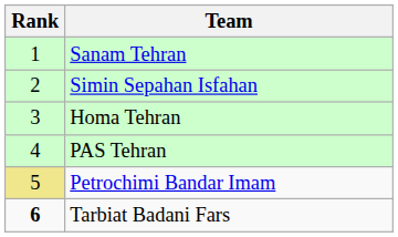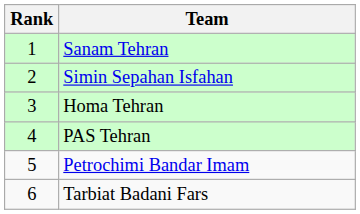 <table class="wikitable" style="text-align: center;">
 <tr>
 <th width=40>Rank</th>
 <th width=250>Team</th>
 </tr>
 <tr bgcolor=ccffcc>
 <td>1</td>
 <td align="left"><a href='#'>Sanam Tehran</a></td>
 </tr>
 <tr bgcolor=ccffcc>
 <td>2</td>
 <td align="left"><a href='#'>Simin Sepahan Isfahan</a></td>
 </tr>
 <tr bgcolor=ccffcc>
 <td>3</td>
 <td align="left">Homa Tehran</td>
 </tr>
 <tr bgcolor=ccffcc>
 <td>4</td>
 <td align="left">PAS Tehran</td>
 </tr>
 <tr>
-<td style="background: khaki;">5</td>
+<td>5</td>
 <td align="left"><a href='#'>Petrochimi Bandar Imam</a></td>
 </tr>
 <tr>
-<td><strong>6</strong></td>
+<td>6</td>
 <td align="left">Tarbiat Badani Fars</td>
 </tr>
 </table>
